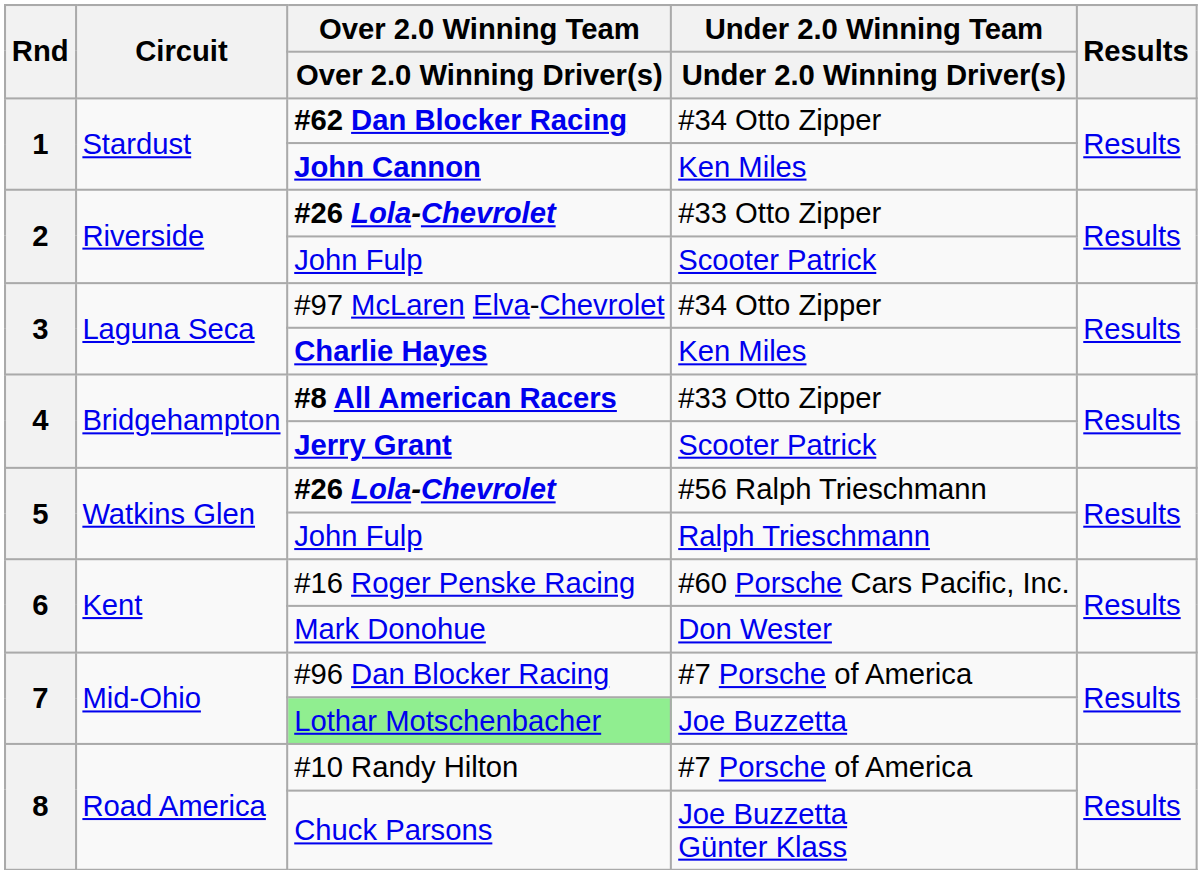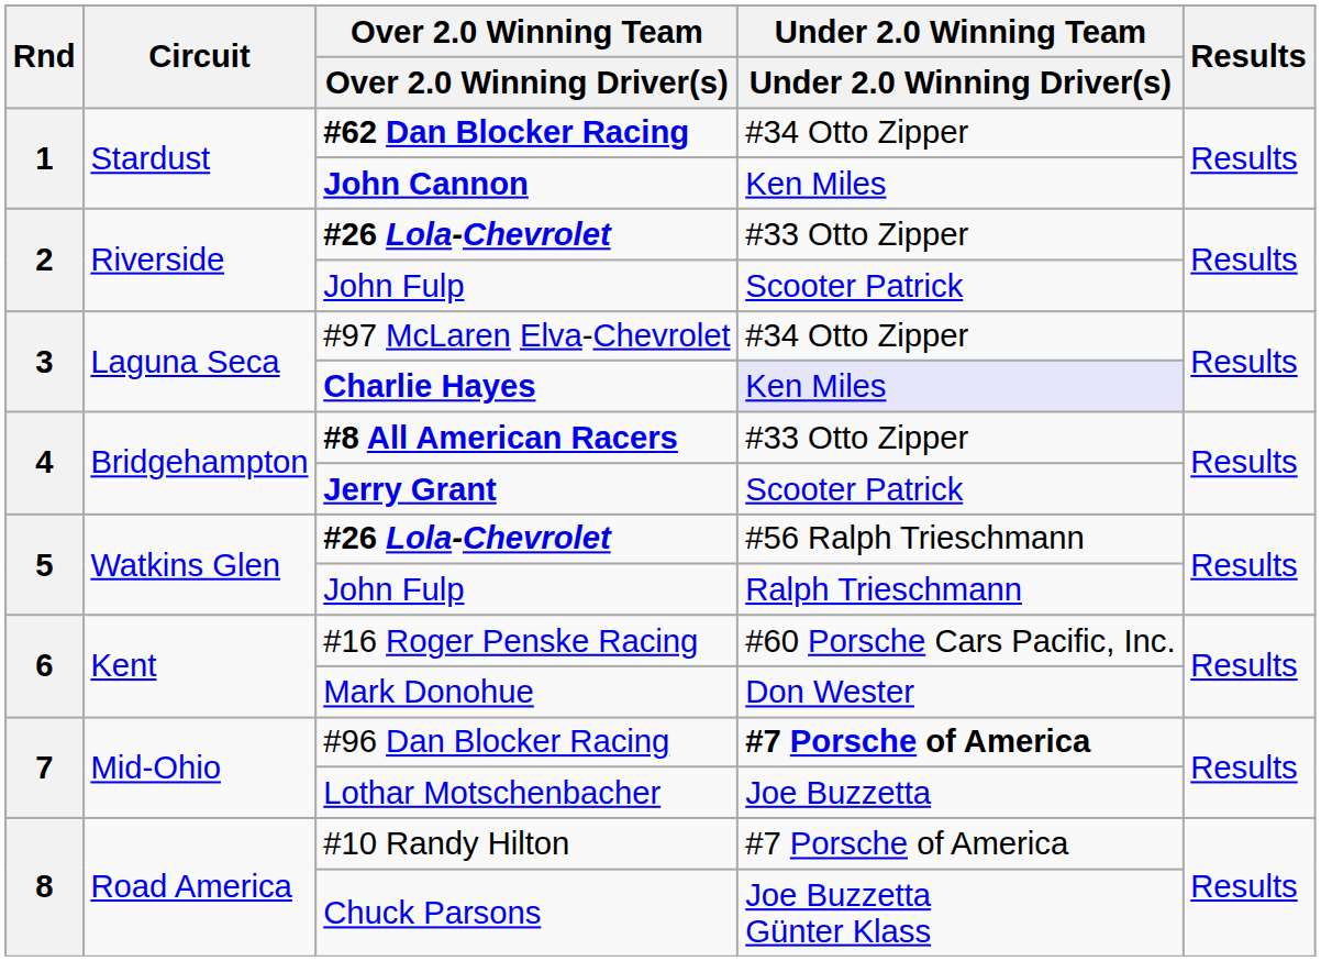 <table class="wikitable" style="font-size: 90%;">
 <tr>
 <th rowspan=2>Rnd</th>
 <th rowspan=2>Circuit</th>
 <th>Over 2.0 Winning Team</th>
 <th>Under 2.0 Winning Team</th>
 <th rowspan=2>Results</th>
 </tr>
 <tr>
 <th>Over 2.0 Winning Driver(s)</th>
 <th>Under 2.0 Winning Driver(s)</th>
 </tr>
 <tr>
 <th rowspan=2>1</th>
 <td rowspan=2><a href='#'>Stardust</a></td>
 <td><strong>#62 <a href='#'>Dan Blocker Racing</a></strong></td>
 <td>#34 Otto Zipper</td>
 <td rowspan=2><a href='#'>Results</a></td>
 </tr>
 <tr>
 <td> <strong><a href='#'>John Cannon</a></strong></td>
 <td> <a href='#'>Ken Miles</a></td>
 </tr>
 <tr>
 <th rowspan=2>2</th>
 <td rowspan=2><a href='#'>Riverside</a></td>
 <td><strong>#26 <em><a href='#'>Lola</a>-<a href='#'>Chevrolet</a><strong><em></td>
 <td>#33 Otto Zipper</td>
 <td rowspan=2><a href='#'>Results</a></td>
 </tr>
 <tr>
 <td> </strong><a href='#'>John Fulp</a><strong></td>
 <td> <a href='#'>Scooter Patrick</a></td>
 </tr>
 <tr>
 <th rowspan=2>3</th>
 <td rowspan=2><a href='#'>Laguna Seca</a></td>
 <td></strong>#97 </em><a href='#'>McLaren</a> <a href='#'>Elva</a>-<a href='#'>Chevrolet</a></em></strong></td>
 <td>#34 Otto Zipper</td>
 <td rowspan=2><a href='#'>Results</a></td>
 </tr>
 <tr>
 <td> <strong><a href='#'>Charlie Hayes</a></strong></td>
-<td> <a href='#'>Ken Miles</a></td>
+<td style="background: lavender;"> <a href='#'>Ken Miles</a></td>
 </tr>
 <tr>
 <th rowspan=2>4</th>
 <td rowspan=2><a href='#'>Bridgehampton</a></td>
 <td><strong>#8 <a href='#'>All American Racers</a></strong></td>
 <td>#33 Otto Zipper</td>
 <td rowspan=2><a href='#'>Results</a></td>
 </tr>
 <tr>
 <td> <strong><a href='#'>Jerry Grant</a></strong></td>
 <td> <a href='#'>Scooter Patrick</a></td>
 </tr>
 <tr>
 <th rowspan=2>5</th>
 <td rowspan=2><a href='#'>Watkins Glen</a></td>
 <td><strong>#26 <em><a href='#'>Lola</a>-<a href='#'>Chevrolet</a><strong><em></td>
 <td>#56 Ralph Trieschmann</td>
 <td rowspan=2><a href='#'>Results</a></td>
 </tr>
 <tr>
 <td> </strong><a href='#'>John Fulp</a><strong></td>
 <td> <a href='#'>Ralph Trieschmann</a></td>
 </tr>
 <tr>
 <th rowspan=2>6</th>
 <td rowspan=2><a href='#'>Kent</a></td>
 <td></strong>#16 <a href='#'>Roger Penske Racing</a><strong></td>
 <td>#60 <a href='#'>Porsche</a> Cars Pacific, Inc.</td>
 <td rowspan=2><a href='#'>Results</a></td>
 </tr>
 <tr>
 <td> </strong><a href='#'>Mark Donohue</a><strong></td>
 <td> <a href='#'>Don Wester</a></td>
 </tr>
 <tr>
 <th rowspan=2>7</th>
 <td rowspan=2><a href='#'>Mid-Ohio</a></td>
 <td></strong>#96 <a href='#'>Dan Blocker Racing</a><strong></td>
-<td>#7 <a href='#'>Porsche</a> of America</td>
+<td><strong>#7 <a href='#'>Porsche</a> of America</strong></td>
 <td rowspan=2><a href='#'>Results</a></td>
 </tr>
 <tr>
-<td style="background: lightgreen;"> </strong><a href='#'>Lothar Motschenbacher</a><strong></td>
+<td> </strong><a href='#'>Lothar Motschenbacher</a><strong></td>
 <td> <a href='#'>Joe Buzzetta</a></td>
 </tr>
 <tr>
 <th rowspan=2>8</th>
 <td rowspan=2><a href='#'>Road America</a></td>
 <td></strong>#10 Randy Hilton<strong></td>
 <td>#7 <a href='#'>Porsche</a> of America</td>
 <td rowspan=2><a href='#'>Results</a></td>
 </tr>
 <tr>
 <td> </strong><a href='#'>Chuck Parsons</a><strong></td>
 <td> <a href='#'>Joe Buzzetta</a><br> <a href='#'>Günter Klass</a></td>
 </tr>
 </table>
